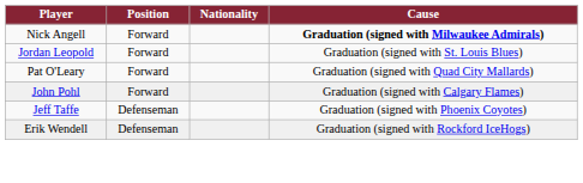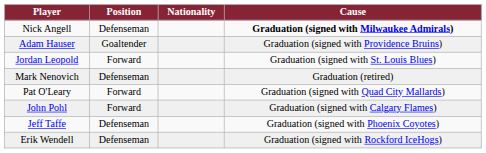 <table class="wikitable" width="60%">
 <tr>
 <th style="color:white; background:#862334; ">Player</th>
 <th style="color:white; background:#862334; ">Position</th>
 <th style="color:white; background:#862334; ">Nationality</th>
 <th style="color:white; background:#862334; ">Cause</th>
 </tr>
 <tr align="center" bgcolor="">
 <td>Nick Angell</td>
-<td>Forward</td>
+<td>Defenseman</td>
 <td></td>
 <td><strong>Graduation (signed with <a href='#'>Milwaukee Admirals</a>)</strong></td>
+</tr>
+<tr align="center" bgcolor="f0f0f0">
+<td><a href='#'>Adam Hauser</a></td>
+<td>Goaltender</td>
+<td></td>
+<td>Graduation (signed with <a href='#'>Providence Bruins</a>)</td>
 </tr>
 <tr align="center" bgcolor="">
 <td><a href='#'>Jordan Leopold</a></td>
 <td>Forward</td>
 <td></td>
 <td>Graduation (signed with <a href='#'>St. Louis Blues</a>)</td>
+</tr>
+<tr align="center" bgcolor="f0f0f0">
+<td>Mark Nenovich</td>
+<td>Defenseman</td>
+<td></td>
+<td>Graduation (retired)</td>
 </tr>
 <tr align="center" bgcolor="">
 <td>Pat O'Leary</td>
 <td>Forward</td>
 <td></td>
 <td>Graduation (signed with <a href='#'>Quad City Mallards</a>)</td>
 </tr>
 <tr align="center" bgcolor="f0f0f0">
 <td><a href='#'>John Pohl</a></td>
 <td>Forward</td>
 <td></td>
 <td>Graduation (signed with <a href='#'>Calgary Flames</a>)</td>
 </tr>
 <tr align="center" bgcolor="">
 <td><a href='#'>Jeff Taffe</a></td>
 <td>Defenseman</td>
 <td></td>
 <td>Graduation (signed with <a href='#'>Phoenix Coyotes</a>)</td>
 </tr>
 <tr align="center" bgcolor="f0f0f0">
 <td>Erik Wendell</td>
 <td>Defenseman</td>
 <td></td>
 <td>Graduation (signed with <a href='#'>Rockford IceHogs</a>)</td>
 </tr>
 </table>
